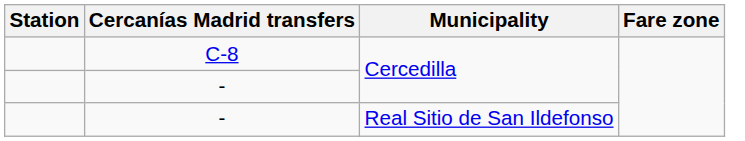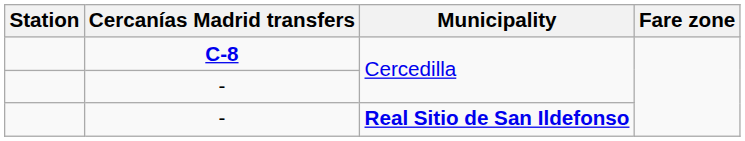 <table class="wikitable sortable plainrowheaders">
 <tr>
 <th scope=col>Station</th>
 <th scope=col>Cercanías Madrid transfers</th>
 <th scope=col>Municipality</th>
 <th scope=col>Fare zone</th>
 </tr>
 <tr>
 <td></td>
-<td align=center><a href='#'>C-8</a></td>
+<td align=center><strong><a href='#'>C-8</a></strong></td>
 <td rowspan=2><a href='#'>Cercedilla</a></td>
 <td align=center rowspan=3></td>
 </tr>
 <tr>
 <td></td>
 <td align=center>-</td>
 </tr>
 <tr>
 <td></td>
 <td align=center>-</td>
-<td><a href='#'>Real Sitio de San Ildefonso</a></td>
+<td><strong><a href='#'>Real Sitio de San Ildefonso</a></strong></td>
 </tr>
 </table>
